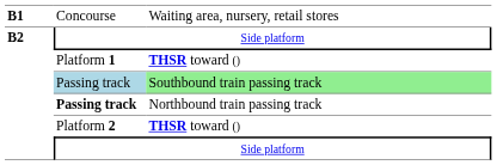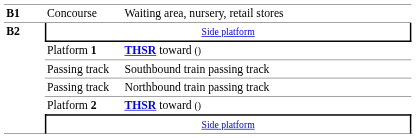 <table border=0 cellspacing=0 cellpadding=3>
 <tr>
 <td style="border-bottom:solid 1px gray;border-top:solid 1px gray;" width=50 valign=top><strong>B1</strong></td>
 <td style="border-top:solid 1px gray;border-bottom:solid 1px gray;" width=100 valign=top>Concourse</td>
 <td style="border-top:solid 1px gray;border-bottom:solid 1px gray;" width=390 valign=top>Waiting area, nursery, retail stores</td>
 </tr>
 <tr>
 <td style="border-bottom:solid 1px gray;" width=50 rowspan=10 valign=top><strong>B2</strong></td>
 </tr>
 <tr>
 <td style="border-right:solid 2px black;border-left:solid 2px black;border-bottom:solid 2px black;text-align:center;" colspan=2><small><a href='#'>Side platform</a></small></td>
 </tr>
 <tr>
 <td style="border-bottom:solid 1px gray;" width=100>Platform <span><strong>1</strong></span></td>
 <td style="border-bottom:solid 1px gray;" width=390><strong><a href='#'><span>THSR</span></a></strong> toward  <small>()</small></td>
 </tr>
 <tr>
-<td style="background: lightblue; border-bottom:solid 1px gray;">Passing track</td>
-<td style="background: lightgreen; border-bottom:solid 1px gray;">Southbound train passing track</td>
+<td style="border-bottom:solid 1px gray;">Passing track</td>
+<td style="border-bottom:solid 1px gray;">Southbound train passing track</td>
 </tr>
 <tr>
-<td style="border-bottom:solid 1px gray;"><strong>Passing track</strong></td>
+<td style="border-bottom:solid 1px gray;">Passing track</td>
 <td style="border-bottom:solid 1px gray;">Northbound train passing track</td>
 </tr>
 <tr>
 <td>Platform <span><strong>2</strong></span></td>
 <td><strong><a href='#'><span>THSR</span></a></strong> toward  <small>()</small></td>
 </tr>
 <tr>
 <td style="border-top:solid 2px black;border-right:solid 2px black;border-left:solid 2px black;border-bottom:solid 1px gray;text-align:center;" colspan=2><small><a href='#'>Side platform</a></small></td>
 </tr>
 </table>
